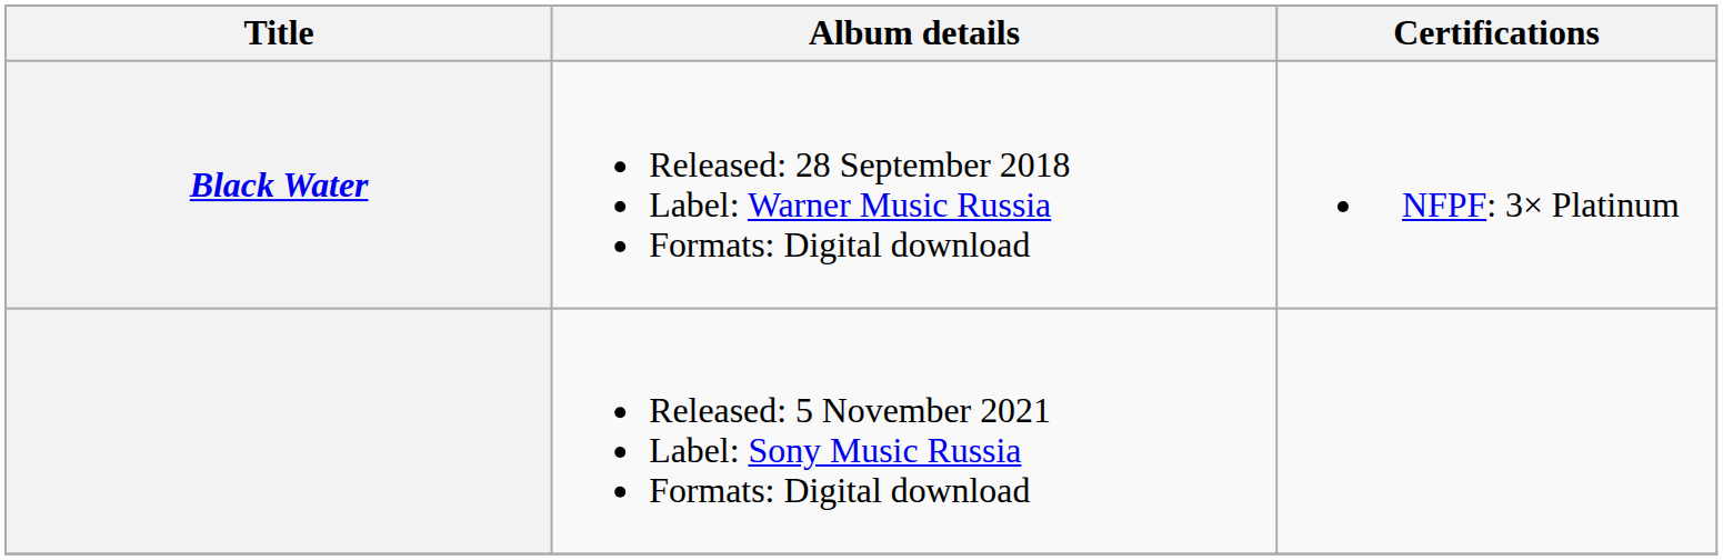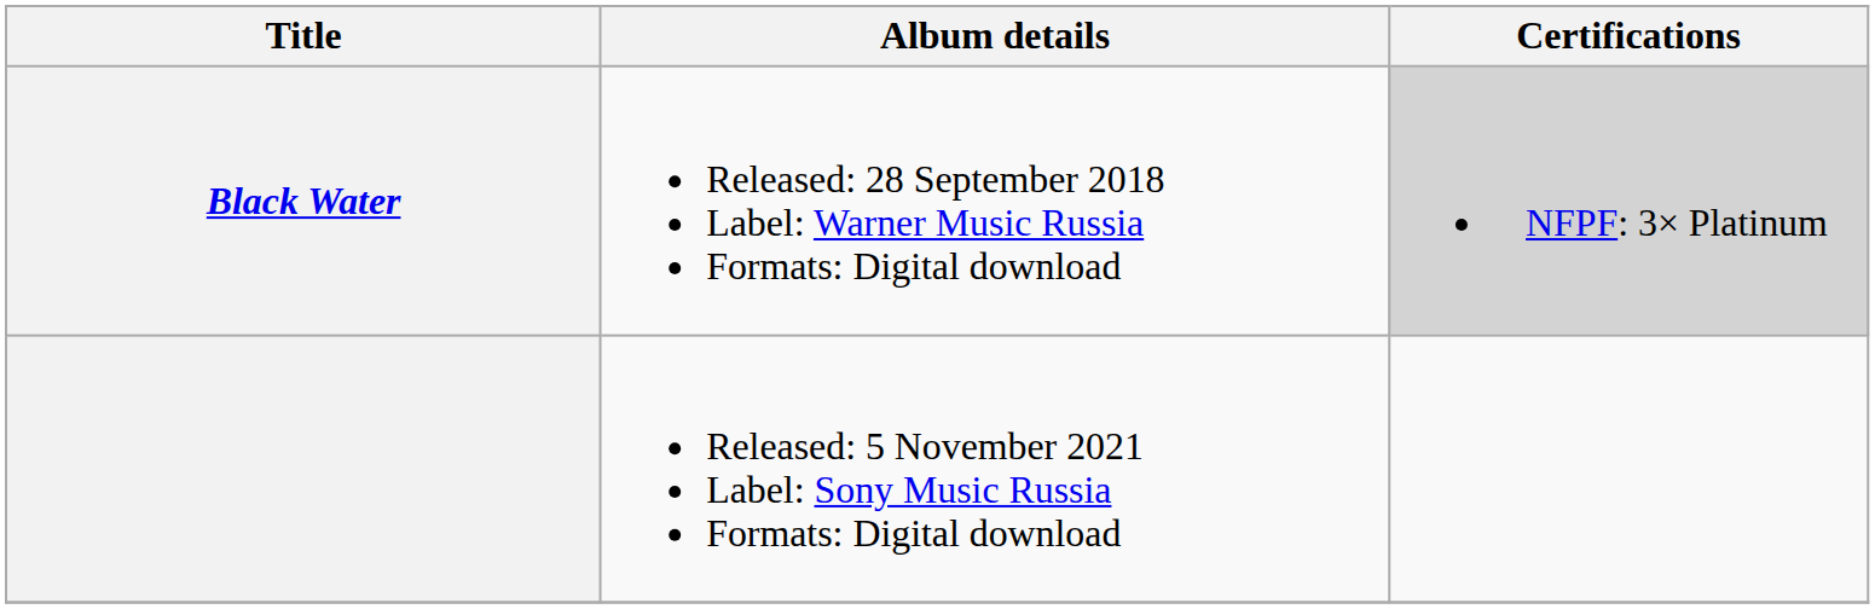 <table class="wikitable plainrowheaders" style="text-align:center;">
 <tr>
 <th style="width:15em;">Title</th>
 <th style="width:20em;">Album details</th>
 <th style="width:12em;">Certifications</th>
 </tr>
 <tr>
 <th scope="row"><em><a href='#'>Black Water</a></em></th>
 <td align=left><br><ul><li>Released: 28 September 2018</li><li>Label: <a href='#'>Warner Music Russia</a></li><li>Formats: Digital download</li></ul></td>
-<td><br><ul><li><a href='#'>NFPF</a>: 3× Platinum</li></ul></td>
+<td style="background: lightgrey;"><br><ul><li><a href='#'>NFPF</a>: 3× Platinum</li></ul></td>
 </tr>
 <tr>
 <th scope="row"><em></em></th>
 <td align=left><br><ul><li>Released: 5 November 2021</li><li>Label: <a href='#'>Sony Music Russia</a></li><li>Formats: Digital download</li></ul></td>
 <td></td>
 </tr>
 <tr>
 </tr>
 </table>
